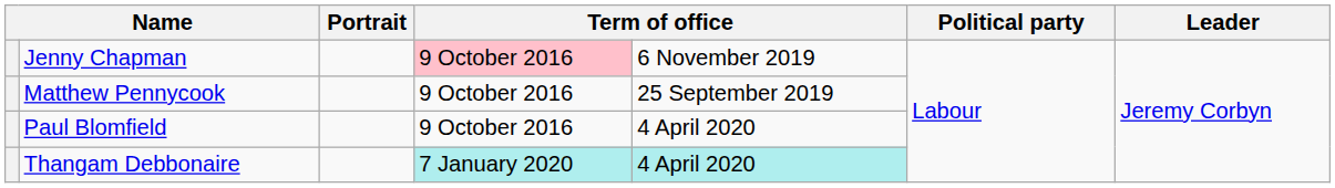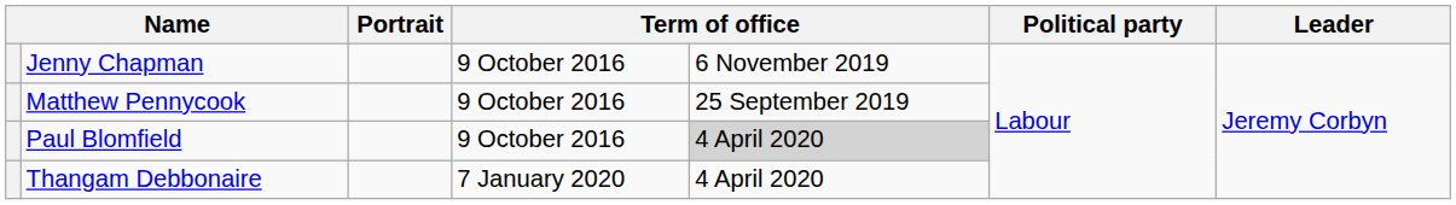 <table class="wikitable" style="width:60%;">
 <tr>
 <th colspan="2">Name</th>
 <th width="60">Portrait</th>
 <th colspan="2">Term of office</th>
 <th>Political party</th>
 <th>Leader</th>
 </tr>
 <tr>
 <th style="background-color: "></th>
 <td><a href='#'>Jenny Chapman</a></td>
 <td></td>
-<td style="background: pink;">9 October 2016</td>
+<td>9 October 2016</td>
 <td>6 November 2019</td>
 <td rowspan="4" ><a href='#'>Labour</a></td>
 <td rowspan="4" ><a href='#'>Jeremy Corbyn</a></td>
 </tr>
 <tr>
 <th style="background-color: "></th>
 <td><a href='#'>Matthew Pennycook</a></td>
 <td></td>
 <td>9 October 2016</td>
 <td>25 September 2019</td>
 </tr>
 <tr>
 <th style="background-color: "></th>
 <td><a href='#'>Paul Blomfield</a></td>
 <td></td>
 <td>9 October 2016</td>
-<td>4 April 2020</td>
+<td style="background: lightgrey;">4 April 2020</td>
 </tr>
 <tr>
 <th style="background-color: "></th>
 <td><a href='#'>Thangam Debbonaire</a></td>
 <td></td>
-<td style="background: paleturquoise;">7 January 2020</td>
-<td style="background: paleturquoise;">4 April 2020</td>
+<td>7 January 2020</td>
+<td>4 April 2020</td>
 </tr>
 </table>
